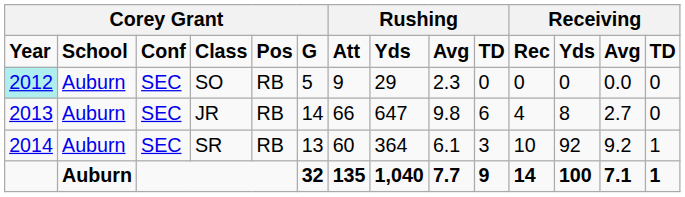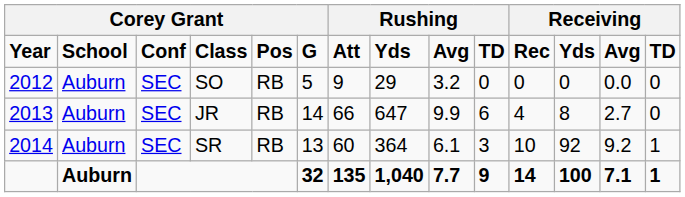 <table class="wikitable">
 <tr>
 <th colspan="6">Corey Grant</th>
 <th colspan="4" style="text-align: center; font-weight:bold;">Rushing</th>
 <th colspan="4" style="text-align: center; font-weight:bold;">Receiving</th>
 </tr>
 <tr>
 <td style="font-weight:bold;">Year</td>
 <td style="font-weight:bold;">School</td>
 <td style="font-weight:bold;">Conf</td>
 <td style="font-weight:bold;">Class</td>
 <td style="font-weight:bold;">Pos</td>
 <td style="font-weight:bold;">G</td>
 <td style="font-weight:bold;">Att</td>
 <td style="font-weight:bold;">Yds</td>
 <td style="font-weight:bold;">Avg</td>
 <td style="font-weight:bold;">TD</td>
 <td style="font-weight:bold;">Rec</td>
 <td style="font-weight:bold;">Yds</td>
 <td style="font-weight:bold;">Avg</td>
 <td style="font-weight:bold;">TD</td>
 </tr>
 <tr>
-<td style="background: paleturquoise;"><a href='#'>2012</a></td>
+<td><a href='#'>2012</a></td>
 <td><a href='#'>Auburn</a></td>
 <td><a href='#'>SEC</a></td>
 <td>SO</td>
 <td>RB</td>
 <td>5</td>
 <td>9</td>
 <td>29</td>
-<td>2.3</td>
+<td>3.2</td>
 <td>0</td>
 <td>0</td>
 <td>0</td>
 <td>0.0</td>
 <td>0</td>
 </tr>
 <tr>
 <td><a href='#'>2013</a></td>
 <td><a href='#'>Auburn</a></td>
 <td><a href='#'>SEC</a></td>
 <td>JR</td>
 <td>RB</td>
 <td>14</td>
 <td>66</td>
 <td>647</td>
-<td>9.8</td>
+<td>9.9</td>
 <td>6</td>
 <td>4</td>
 <td>8</td>
 <td>2.7</td>
 <td>0</td>
 </tr>
 <tr>
 <td><a href='#'>2014</a></td>
 <td><a href='#'>Auburn</a></td>
 <td><a href='#'>SEC</a></td>
 <td>SR</td>
 <td>RB</td>
 <td>13</td>
 <td>60</td>
 <td>364</td>
 <td>6.1</td>
 <td>3</td>
 <td>10</td>
 <td>92</td>
 <td>9.2</td>
 <td>1</td>
 </tr>
 <tr>
 <td style="font-weight:bold;"></td>
 <td style="font-weight:bold;">Auburn</td>
 <td colspan="3" style="font-weight:bold;"></td>
 <td style="font-weight:bold;">32</td>
 <td style="font-weight:bold;">135</td>
 <td style="font-weight:bold;">1,040</td>
 <td style="font-weight:bold;">7.7</td>
 <td style="font-weight:bold;">9</td>
 <td style="font-weight:bold;">14</td>
 <td style="font-weight:bold;">100</td>
 <td style="font-weight:bold;">7.1</td>
 <td style="font-weight:bold;">1</td>
 </tr>
 </table>
